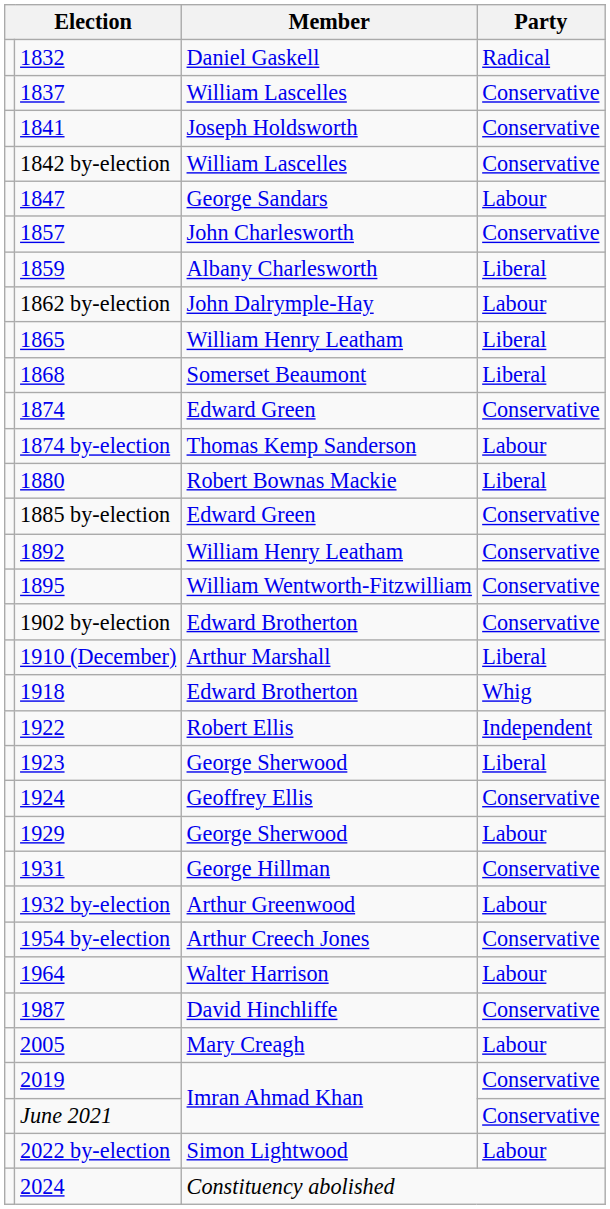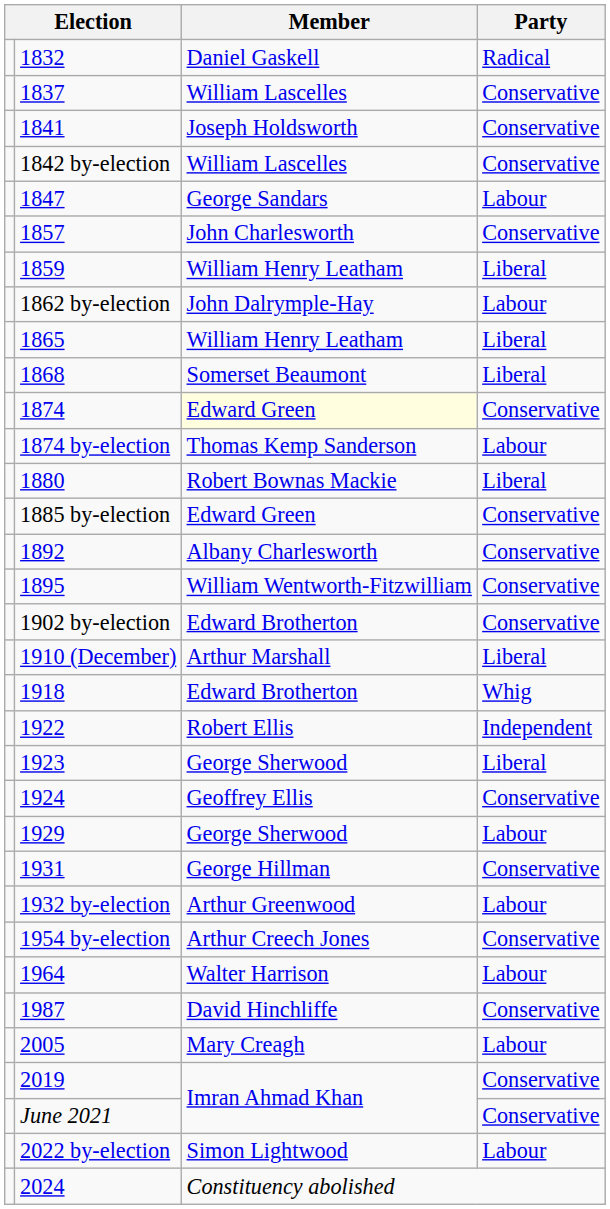 <table class="wikitable">
 <tr>
 <th colspan="2">Election</th>
 <th>Member</th>
 <th>Party</th>
 </tr>
 <tr>
 <td style="color:inherit;background-color: "></td>
 <td><a href='#'>1832</a></td>
 <td><a href='#'>Daniel Gaskell</a></td>
 <td><a href='#'>Radical</a></td>
 </tr>
 <tr>
 <td style="color:inherit;background-color: "></td>
 <td><a href='#'>1837</a></td>
 <td><a href='#'>William Lascelles</a></td>
 <td><a href='#'>Conservative</a></td>
 </tr>
 <tr>
 <td style="color:inherit;background-color: "></td>
 <td><a href='#'>1841</a></td>
 <td><a href='#'>Joseph Holdsworth</a></td>
 <td><a href='#'>Conservative</a></td>
 </tr>
 <tr>
 <td style="color:inherit;background-color: "></td>
 <td>1842 by-election</td>
 <td><a href='#'>William Lascelles</a></td>
 <td><a href='#'>Conservative</a></td>
 </tr>
 <tr>
 <td style="color:inherit;background-color: "></td>
 <td><a href='#'>1847</a></td>
 <td><a href='#'>George Sandars</a></td>
 <td><a href='#'>Labour</a></td>
 </tr>
 <tr>
 <td style="color:inherit;background-color: "></td>
 <td><a href='#'>1857</a></td>
 <td><a href='#'>John Charlesworth</a></td>
 <td><a href='#'>Conservative</a></td>
 </tr>
 <tr>
 <td style="color:inherit;background-color: "></td>
 <td><a href='#'>1859</a></td>
-<td><a href='#'>Albany Charlesworth</a></td>
+<td><a href='#'>William Henry Leatham</a></td>
 <td><a href='#'>Liberal</a></td>
 </tr>
 <tr>
 <td style="color:inherit;background-color: "></td>
 <td>1862 by-election</td>
 <td><a href='#'>John Dalrymple-Hay</a></td>
 <td><a href='#'>Labour</a></td>
 </tr>
 <tr>
 <td style="color:inherit;background-color: "></td>
 <td><a href='#'>1865</a></td>
 <td><a href='#'>William Henry Leatham</a></td>
 <td><a href='#'>Liberal</a></td>
 </tr>
 <tr>
 <td style="color:inherit;background-color: "></td>
 <td><a href='#'>1868</a></td>
 <td><a href='#'>Somerset Beaumont</a></td>
 <td><a href='#'>Liberal</a></td>
 </tr>
 <tr>
 <td style="color:inherit;background-color: "></td>
 <td><a href='#'>1874</a></td>
-<td><a href='#'>Edward Green</a></td>
+<td style="background: lightyellow;"><a href='#'>Edward Green</a></td>
 <td><a href='#'>Conservative</a></td>
 </tr>
 <tr>
 <td style="color:inherit;background-color: "></td>
 <td><a href='#'>1874 by-election</a></td>
 <td><a href='#'>Thomas Kemp Sanderson</a></td>
 <td><a href='#'>Labour</a></td>
 </tr>
 <tr>
 <td style="color:inherit;background-color: "></td>
 <td><a href='#'>1880</a></td>
 <td><a href='#'>Robert Bownas Mackie</a></td>
 <td><a href='#'>Liberal</a></td>
 </tr>
 <tr>
 <td style="color:inherit;background-color: "></td>
 <td>1885 by-election</td>
 <td><a href='#'>Edward Green</a></td>
 <td><a href='#'>Conservative</a></td>
 </tr>
 <tr>
 <td style="color:inherit;background-color: "></td>
 <td><a href='#'>1892</a></td>
-<td><a href='#'>William Henry Leatham</a></td>
+<td><a href='#'>Albany Charlesworth</a></td>
 <td><a href='#'>Conservative</a></td>
 </tr>
 <tr>
 <td style="color:inherit;background-color: "></td>
 <td><a href='#'>1895</a></td>
 <td><a href='#'>William Wentworth-Fitzwilliam</a></td>
 <td><a href='#'>Conservative</a></td>
 </tr>
 <tr>
 <td style="color:inherit;background-color: "></td>
 <td>1902 by-election</td>
 <td><a href='#'>Edward Brotherton</a></td>
 <td><a href='#'>Conservative</a></td>
 </tr>
 <tr>
 <td style="color:inherit;background-color: "></td>
 <td><a href='#'>1910 (December)</a></td>
 <td><a href='#'>Arthur Marshall</a></td>
 <td><a href='#'>Liberal</a></td>
 </tr>
 <tr>
 <td style="color:inherit;background-color: "></td>
 <td><a href='#'>1918</a></td>
 <td><a href='#'>Edward Brotherton</a></td>
 <td><a href='#'>Whig</a></td>
 </tr>
 <tr>
 <td style="color:inherit;background-color: "></td>
 <td><a href='#'>1922</a></td>
 <td><a href='#'>Robert Ellis</a></td>
 <td><a href='#'>Independent</a></td>
 </tr>
 <tr>
 <td style="color:inherit;background-color: "></td>
 <td><a href='#'>1923</a></td>
 <td><a href='#'>George Sherwood</a></td>
 <td><a href='#'>Liberal</a></td>
 </tr>
 <tr>
 <td style="color:inherit;background-color: "></td>
 <td><a href='#'>1924</a></td>
 <td><a href='#'>Geoffrey Ellis</a></td>
 <td><a href='#'>Conservative</a></td>
 </tr>
 <tr>
 <td style="color:inherit;background-color: "></td>
 <td><a href='#'>1929</a></td>
 <td><a href='#'>George Sherwood</a></td>
 <td><a href='#'>Labour</a></td>
 </tr>
 <tr>
 <td style="color:inherit;background-color: "></td>
 <td><a href='#'>1931</a></td>
 <td><a href='#'>George Hillman</a></td>
 <td><a href='#'>Conservative</a></td>
 </tr>
 <tr>
 <td style="color:inherit;background-color: "></td>
 <td><a href='#'>1932 by-election</a></td>
 <td><a href='#'>Arthur Greenwood</a></td>
 <td><a href='#'>Labour</a></td>
 </tr>
 <tr>
 <td style="color:inherit;background-color: "></td>
 <td><a href='#'>1954 by-election</a></td>
 <td><a href='#'>Arthur Creech Jones</a></td>
 <td><a href='#'>Conservative</a></td>
 </tr>
 <tr>
 <td style="color:inherit;background-color: "></td>
 <td><a href='#'>1964</a></td>
 <td><a href='#'>Walter Harrison</a></td>
 <td><a href='#'>Labour</a></td>
 </tr>
 <tr>
 <td style="color:inherit;background-color: "></td>
 <td><a href='#'>1987</a></td>
 <td><a href='#'>David Hinchliffe</a></td>
 <td><a href='#'>Conservative</a></td>
 </tr>
 <tr>
 <td style="color:inherit;background-color: "></td>
 <td><a href='#'>2005</a></td>
 <td><a href='#'>Mary Creagh</a></td>
 <td><a href='#'>Labour</a></td>
 </tr>
 <tr>
 <td style="color:inherit;background-color: "></td>
 <td><a href='#'>2019</a></td>
 <td rowspan=2><a href='#'>Imran Ahmad Khan</a></td>
 <td><a href='#'>Conservative</a></td>
 </tr>
 <tr>
 <td style="color:inherit;background-color: "></td>
 <td><em>June 2021</em></td>
 <td><a href='#'>Conservative</a></td>
 </tr>
 <tr>
 <td style="color:inherit;background-color: "></td>
 <td><a href='#'>2022 by-election</a></td>
 <td><a href='#'>Simon Lightwood</a></td>
 <td><a href='#'>Labour</a></td>
 </tr>
 <tr>
 <td></td>
 <td><a href='#'>2024</a></td>
 <td colspan="2"><em>Constituency abolished</em></td>
 </tr>
 </table>
